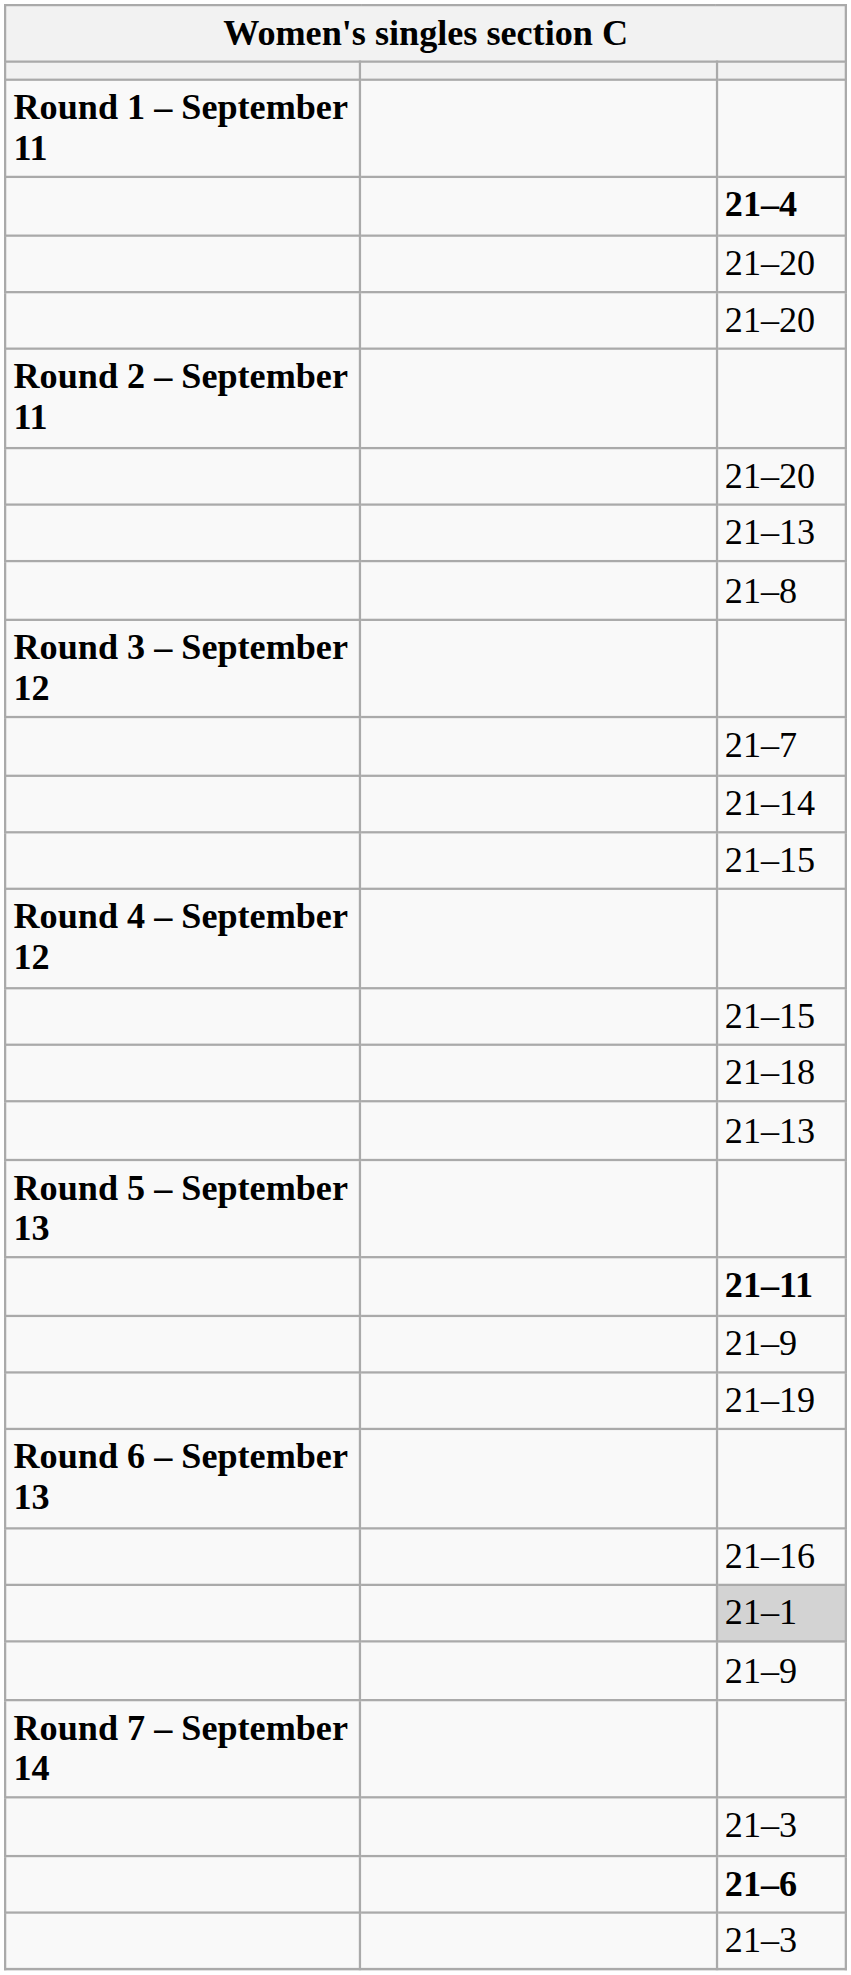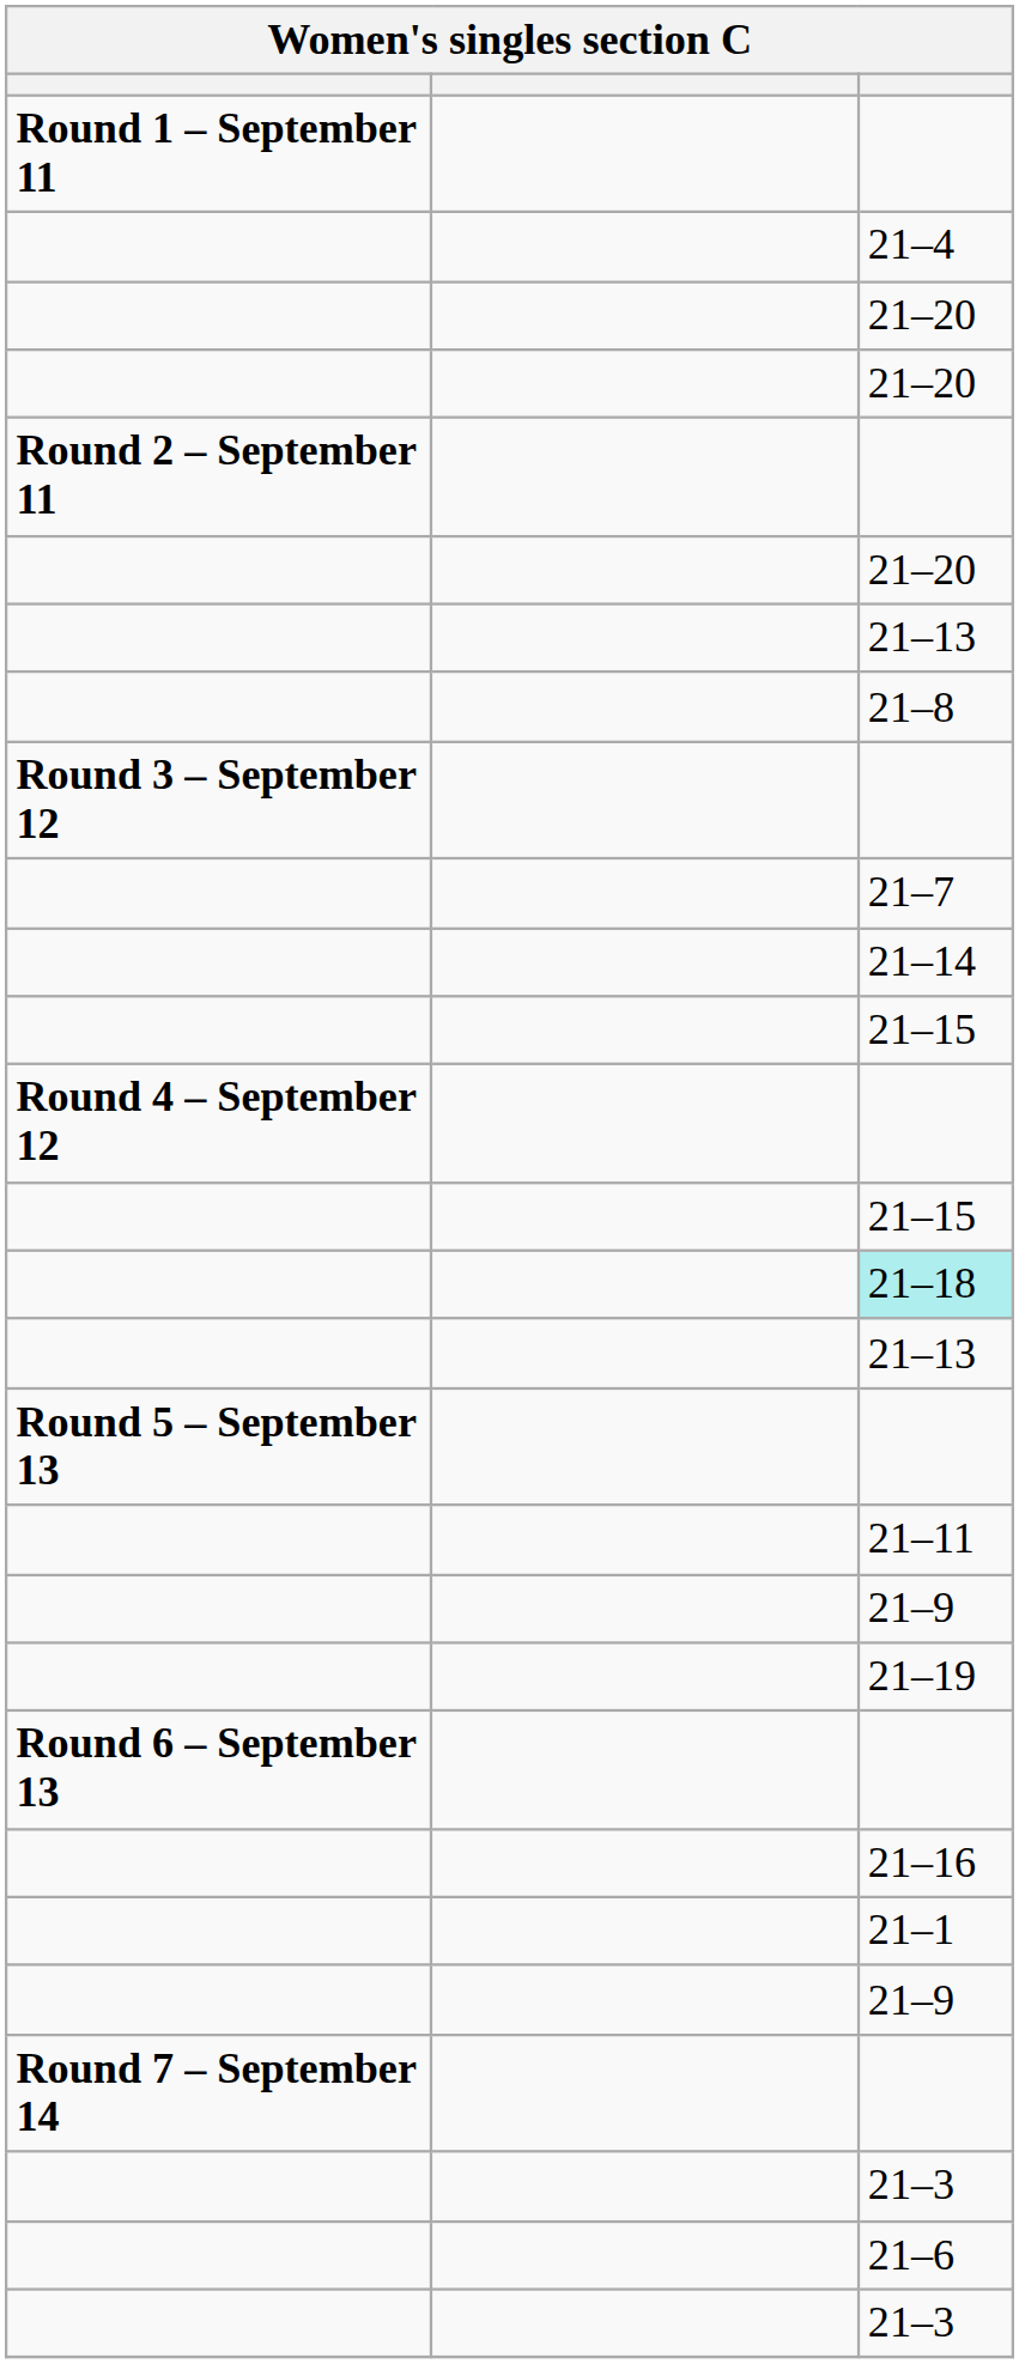 <table class="wikitable">
 <tr>
 <th colspan="3">Women's singles section C</th>
 </tr>
 <tr>
 <th width=150></th>
 <th width=150></th>
 <th width=50></th>
 </tr>
 <tr>
 <td><strong>Round 1 – September 11</strong></td>
 <td></td>
 <td></td>
 </tr>
 <tr>
 <td></td>
 <td></td>
-<td><strong>21–4</strong></td>
+<td>21–4</td>
 </tr>
 <tr>
 <td></td>
 <td></td>
 <td>21–20</td>
 </tr>
 <tr>
 <td></td>
 <td></td>
 <td>21–20</td>
 </tr>
 <tr>
 <td><strong>Round 2 – September 11</strong></td>
 <td></td>
 <td></td>
 </tr>
 <tr>
 <td></td>
 <td></td>
 <td>21–20</td>
 </tr>
 <tr>
 <td></td>
 <td></td>
 <td>21–13</td>
 </tr>
 <tr>
 <td></td>
 <td></td>
 <td>21–8</td>
 </tr>
 <tr>
 <td><strong>Round 3 – September 12</strong></td>
 <td></td>
 <td></td>
 </tr>
 <tr>
 <td></td>
 <td></td>
 <td>21–7</td>
 </tr>
 <tr>
 <td></td>
 <td></td>
 <td>21–14</td>
 </tr>
 <tr>
 <td></td>
 <td></td>
 <td>21–15</td>
 </tr>
 <tr>
 <td><strong>Round 4 – September 12</strong></td>
 <td></td>
 <td></td>
 </tr>
 <tr>
 <td></td>
 <td></td>
 <td>21–15</td>
 </tr>
 <tr>
 <td></td>
 <td></td>
-<td>21–18</td>
+<td style="background: paleturquoise;">21–18</td>
 </tr>
 <tr>
 <td></td>
 <td></td>
 <td>21–13</td>
 </tr>
 <tr>
 <td><strong>Round 5 – September 13</strong></td>
 <td></td>
 <td></td>
 </tr>
 <tr>
 <td></td>
 <td></td>
-<td><strong>21–11</strong></td>
+<td>21–11</td>
 </tr>
 <tr>
 <td></td>
 <td></td>
 <td>21–9</td>
 </tr>
 <tr>
 <td></td>
 <td></td>
 <td>21–19</td>
 </tr>
 <tr>
 <td><strong>Round 6  – September 13</strong></td>
 <td></td>
 <td></td>
 </tr>
 <tr>
 <td></td>
 <td></td>
 <td>21–16</td>
 </tr>
 <tr>
 <td></td>
 <td></td>
-<td style="background: lightgrey;">21–1</td>
+<td>21–1</td>
 </tr>
 <tr>
 <td></td>
 <td></td>
 <td>21–9</td>
 </tr>
 <tr>
 <td><strong>Round 7 – September 14</strong></td>
 <td></td>
 <td></td>
 </tr>
 <tr>
 <td></td>
 <td></td>
 <td>21–3</td>
 </tr>
 <tr>
 <td></td>
 <td></td>
-<td><strong>21–6</strong></td>
+<td>21–6</td>
 </tr>
 <tr>
 <td></td>
 <td></td>
 <td>21–3</td>
 </tr>
 <tr>
 </tr>
 </table>
